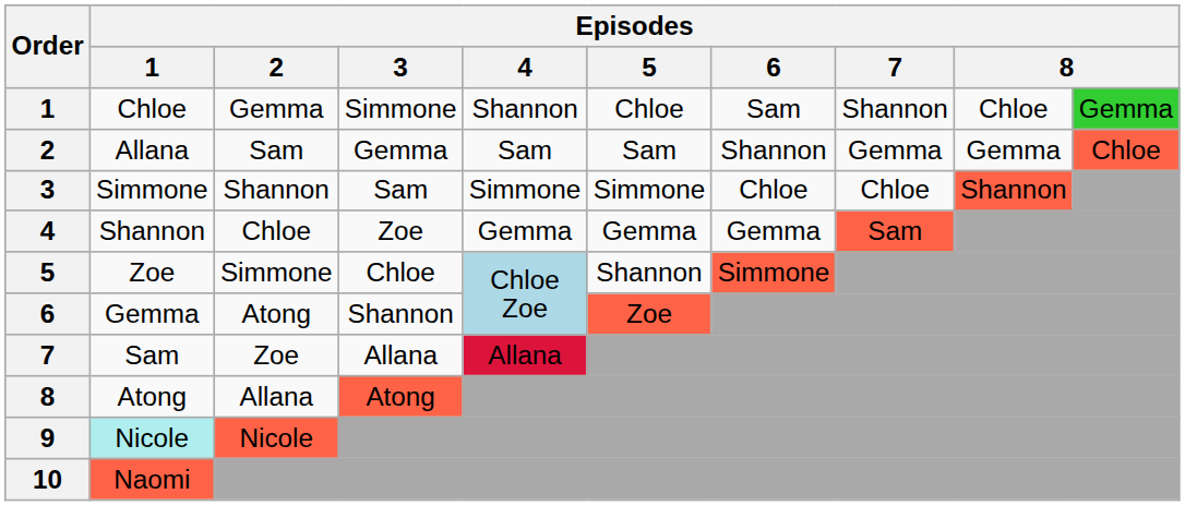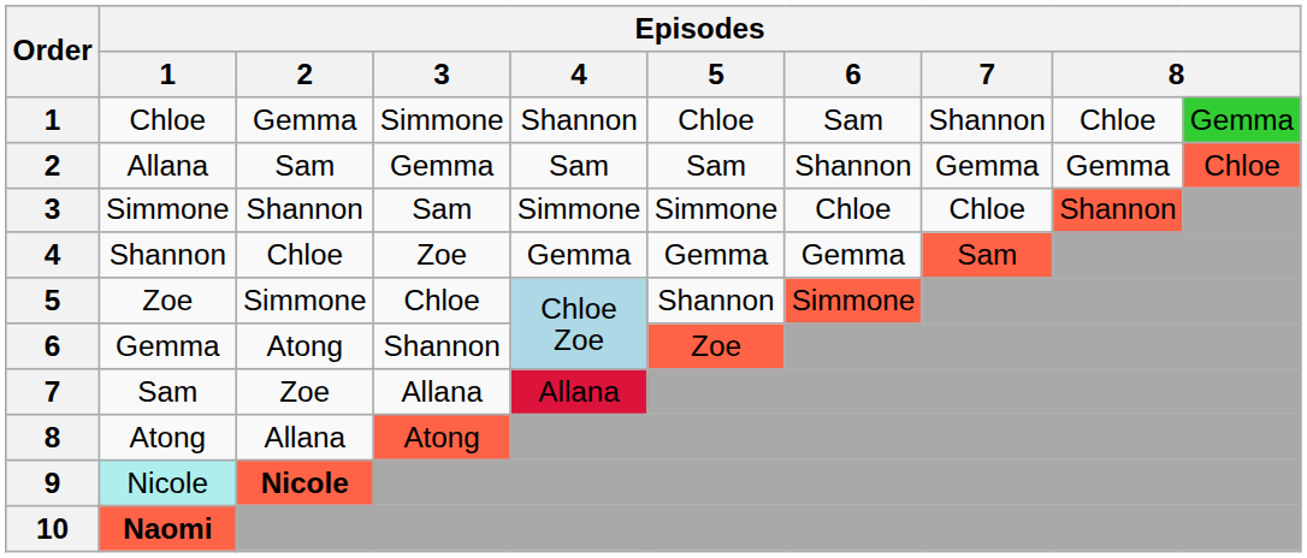 <table class="wikitable" style="text-align:center; font-size:92%">
 <tr>
 <th rowspan=2>Order</th>
 <th colspan=10>Episodes</th>
 </tr>
 <tr>
 <th>1</th>
 <th>2</th>
 <th>3</th>
 <th>4</th>
 <th>5</th>
 <th>6</th>
 <th>7</th>
 <th colspan=2>8</th>
 </tr>
 <tr>
 <th>1</th>
 <td>Chloe</td>
 <td>Gemma</td>
 <td>Simmone</td>
 <td>Shannon</td>
 <td>Chloe</td>
 <td>Sam</td>
 <td>Shannon</td>
 <td>Chloe</td>
 <td style="background:limegreen;">Gemma</td>
 </tr>
 <tr>
 <th>2</th>
 <td>Allana</td>
 <td>Sam</td>
 <td>Gemma</td>
 <td>Sam</td>
 <td>Sam</td>
 <td>Shannon</td>
 <td>Gemma</td>
 <td>Gemma</td>
 <td style="background:tomato;">Chloe</td>
 </tr>
 <tr>
 <th>3</th>
 <td>Simmone</td>
 <td>Shannon</td>
 <td>Sam</td>
 <td>Simmone</td>
 <td>Simmone</td>
 <td>Chloe</td>
 <td>Chloe</td>
 <td style="background:tomato;">Shannon</td>
 <td style="background:darkgray;"></td>
 </tr>
 <tr>
 <th>4</th>
 <td>Shannon</td>
 <td>Chloe</td>
 <td>Zoe</td>
 <td>Gemma</td>
 <td>Gemma</td>
 <td>Gemma</td>
 <td style="background:tomato;">Sam</td>
 <td colspan="3" style="background:darkgray;"></td>
 </tr>
 <tr>
 <th>5</th>
 <td>Zoe</td>
 <td>Simmone</td>
 <td>Chloe</td>
 <td rowspan="2" style="background:lightblue;">Chloe <br> Zoe</td>
 <td>Shannon</td>
 <td style="background:tomato;">Simmone</td>
 <td colspan="4" style="background:darkgray;"></td>
 </tr>
 <tr>
 <th>6</th>
 <td>Gemma</td>
 <td>Atong</td>
 <td>Shannon</td>
 <td style="background:tomato;">Zoe</td>
 <td colspan="5" style="background:darkgray;"></td>
 </tr>
 <tr>
 <th>7</th>
 <td>Sam</td>
 <td>Zoe</td>
 <td>Allana</td>
 <td style="background:crimson;"><span>Allana</span></td>
 <td colspan="8" style="background:darkgray;"></td>
 </tr>
 <tr>
 <th>8</th>
 <td>Atong</td>
 <td>Allana</td>
 <td style="background:tomato;">Atong</td>
 <td colspan="7" style="background:darkgray;"></td>
 </tr>
 <tr>
 <th>9</th>
 <td style="background: paleturquoise;">Nicole</td>
-<td style="background:tomato;">Nicole</td>
+<td style="background:tomato;"><strong>Nicole</strong></td>
 <td colspan="8" style="background:darkgray;"></td>
 </tr>
 <tr>
 <th>10</th>
-<td style="background:tomato;">Naomi</td>
+<td style="background:tomato;"><strong>Naomi</strong></td>
 <td colspan="9" style="background:darkgray;"></td>
 </tr>
 </table>
